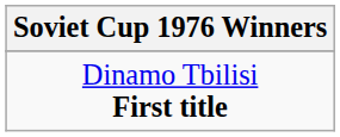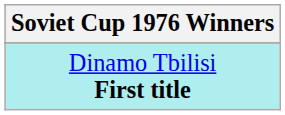 <table class="wikitable" style="text-align: center; margin: 0 auto;">
 <tr>
 <th>Soviet Cup 1976 Winners</th>
 </tr>
 <tr>
 </tr>
 <tr>
-<td><a href='#'>Dinamo Tbilisi</a><br><strong>First title</strong></td>
+<td style="background: paleturquoise;"><a href='#'>Dinamo Tbilisi</a><br><strong>First title</strong></td>
 </tr>
 </table>
